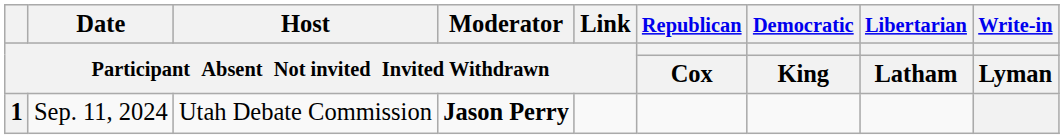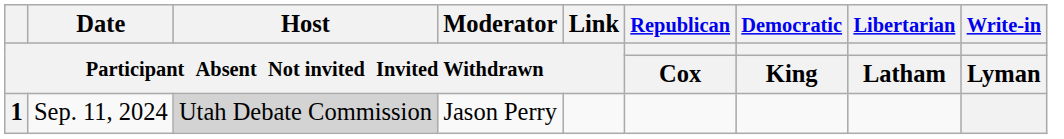 <table class="wikitable" style="text-align:center;">
 <tr>
 <th scope="col"></th>
 <th scope="col">Date</th>
 <th scope="col">Host</th>
 <th scope="col">Moderator</th>
 <th scope="col">Link</th>
 <th scope="col"><small><a href='#'>Republican</a></small></th>
 <th scope="col"><small><a href='#'>Democratic</a></small></th>
 <th scope="col"><small><a href='#'>Libertarian</a></small></th>
 <th scope="col"><small><a href='#'>Write-in</a></small></th>
 </tr>
 <tr>
 <th colspan="5" rowspan="2"> <small>Participant </small>  <small>Absent </small>  <small>Not invited </small>  <small>Invited  Withdrawn</small></th>
 <th scope="col" style="background:"></th>
 <th scope="col" style="background:"></th>
 <th scope="col" style="background:"></th>
 <th scope="col" style="background:"></th>
 </tr>
 <tr>
 <th scope="col">Cox</th>
 <th scope="col">King</th>
 <th scope="col">Latham</th>
 <th scope="col">Lyman</th>
 </tr>
 <tr>
 <th>1</th>
 <td style="white-space:nowrap;">Sep. 11, 2024</td>
-<td style="white-space:nowrap;">Utah Debate Commission</td>
-<td style="white-space:nowrap;"><strong>Jason Perry</strong></td>
+<td style="background: lightgrey; white-space:nowrap;">Utah Debate Commission</td>
+<td style="white-space:nowrap;">Jason Perry</td>
 <td style="white-space:nowrap;"></td>
 <td></td>
 <td></td>
 <td></td>
 <th></th>
 </tr>
 </table>
